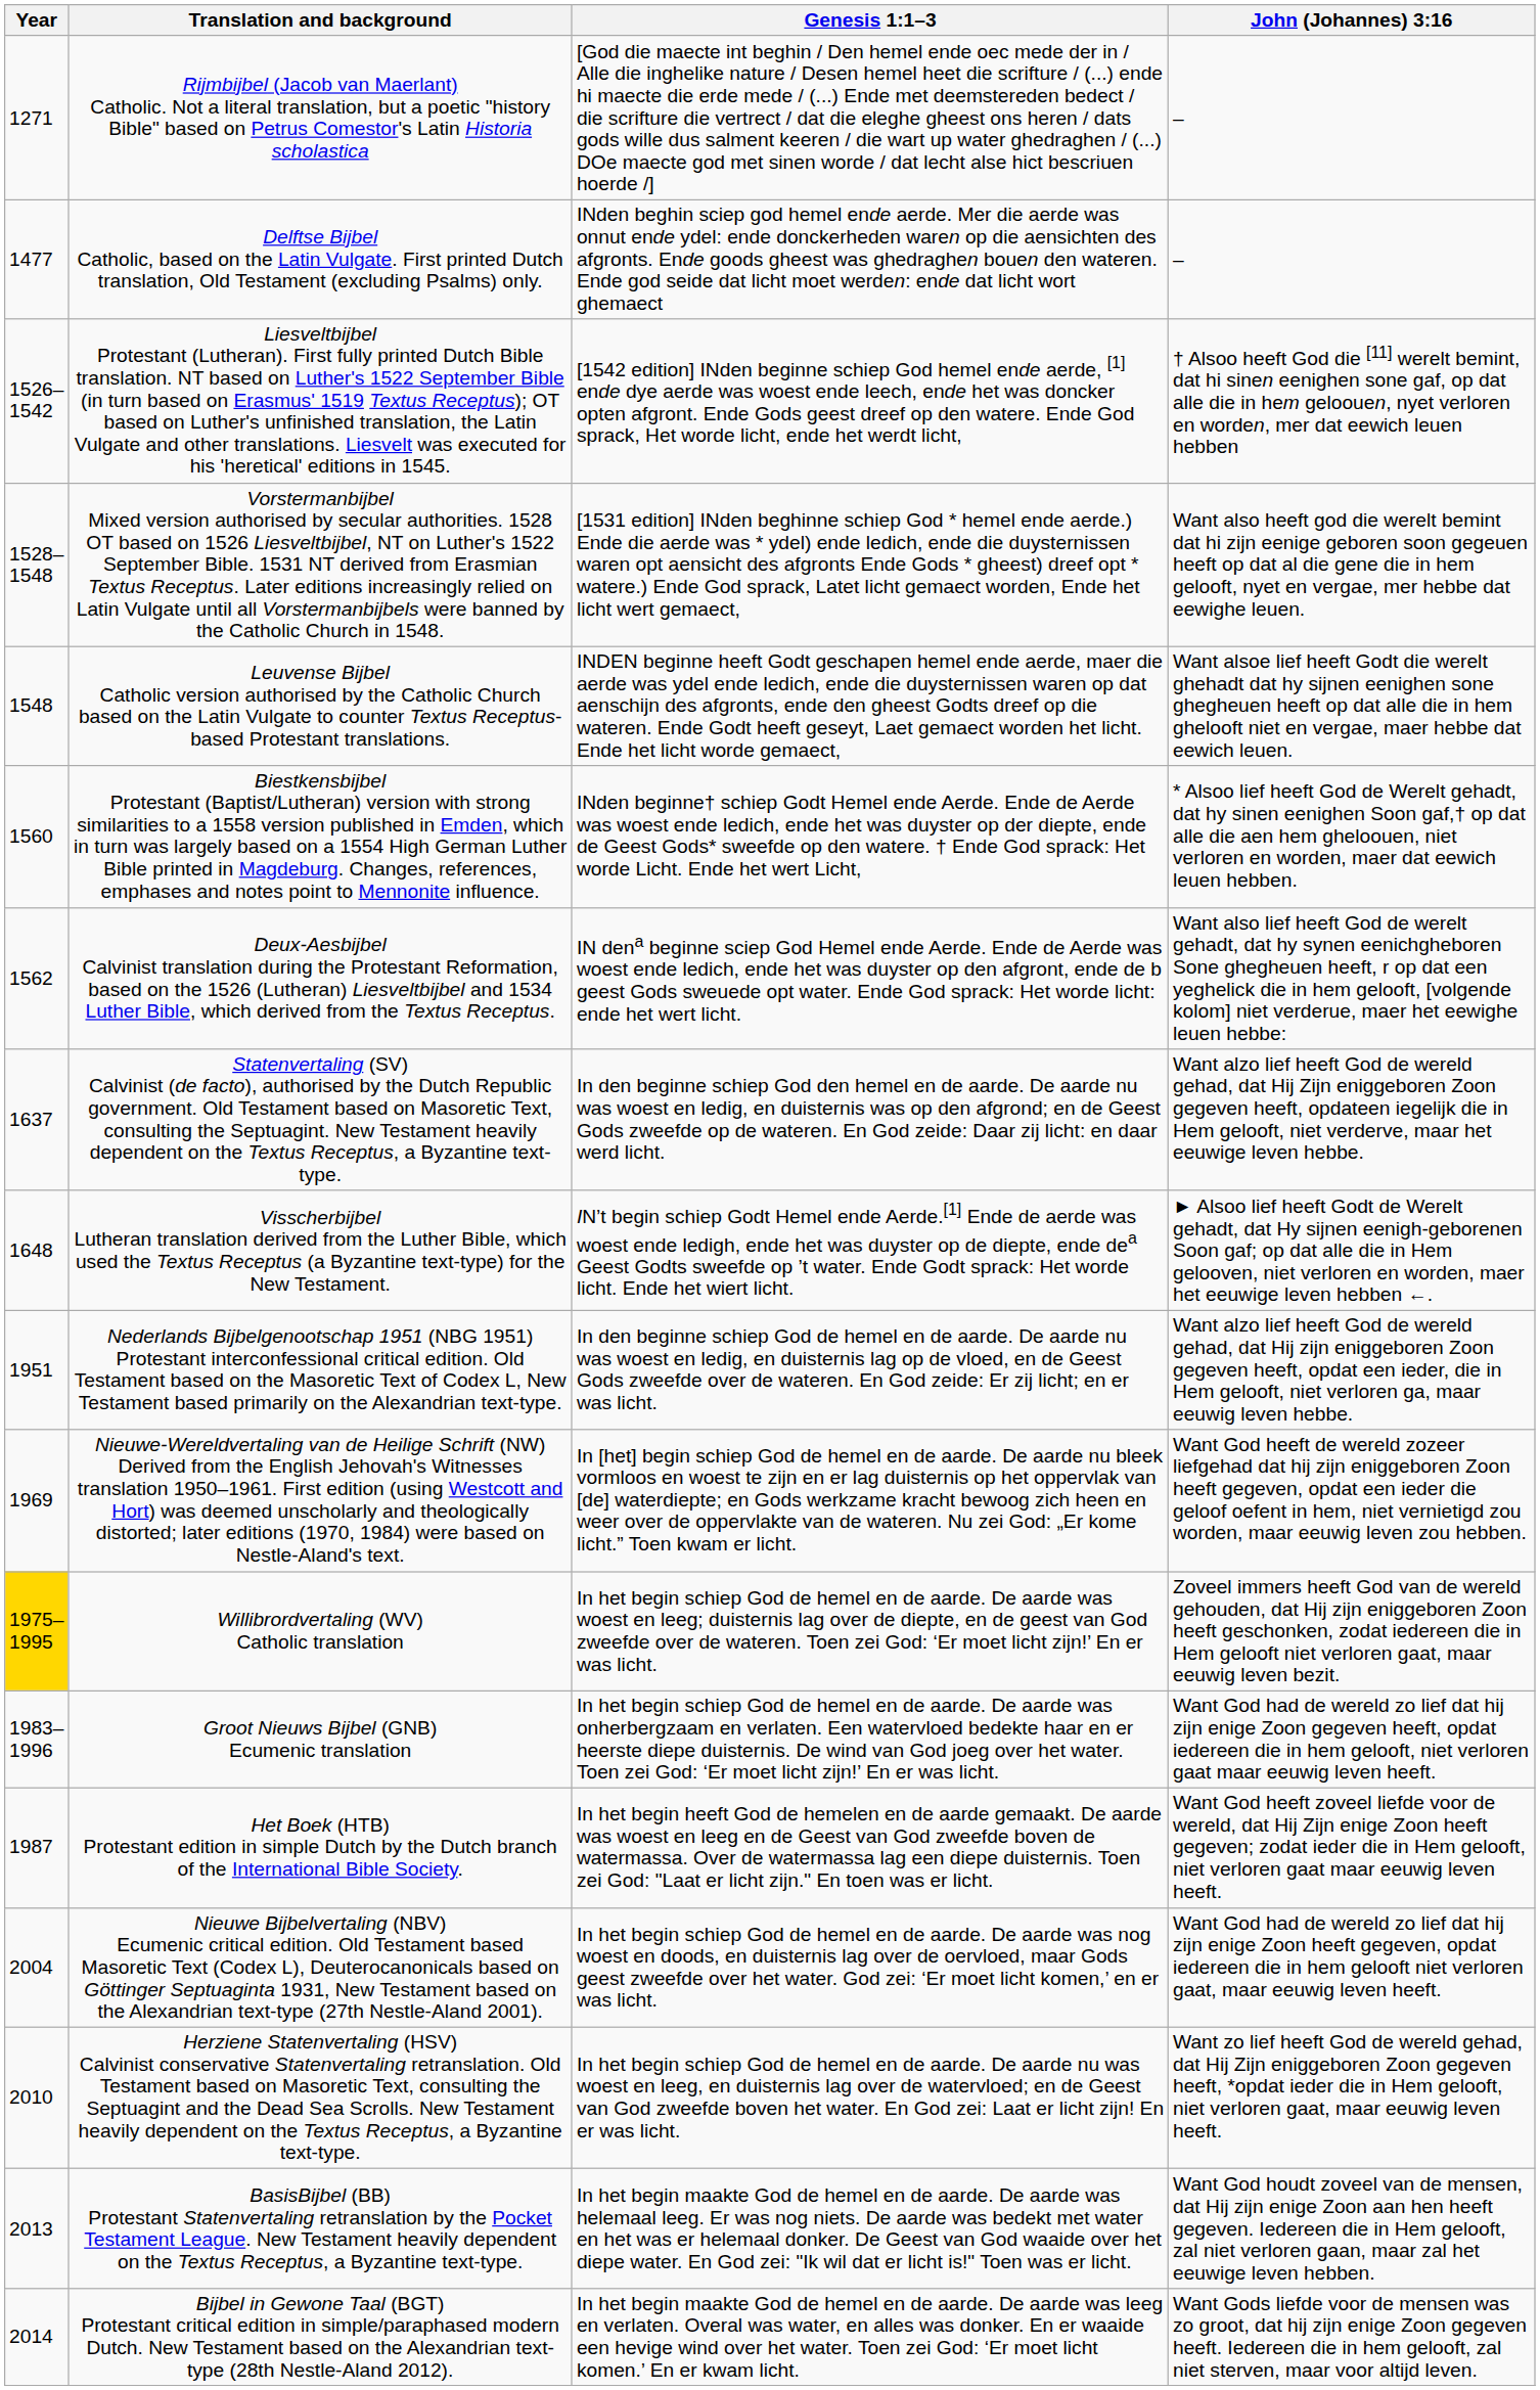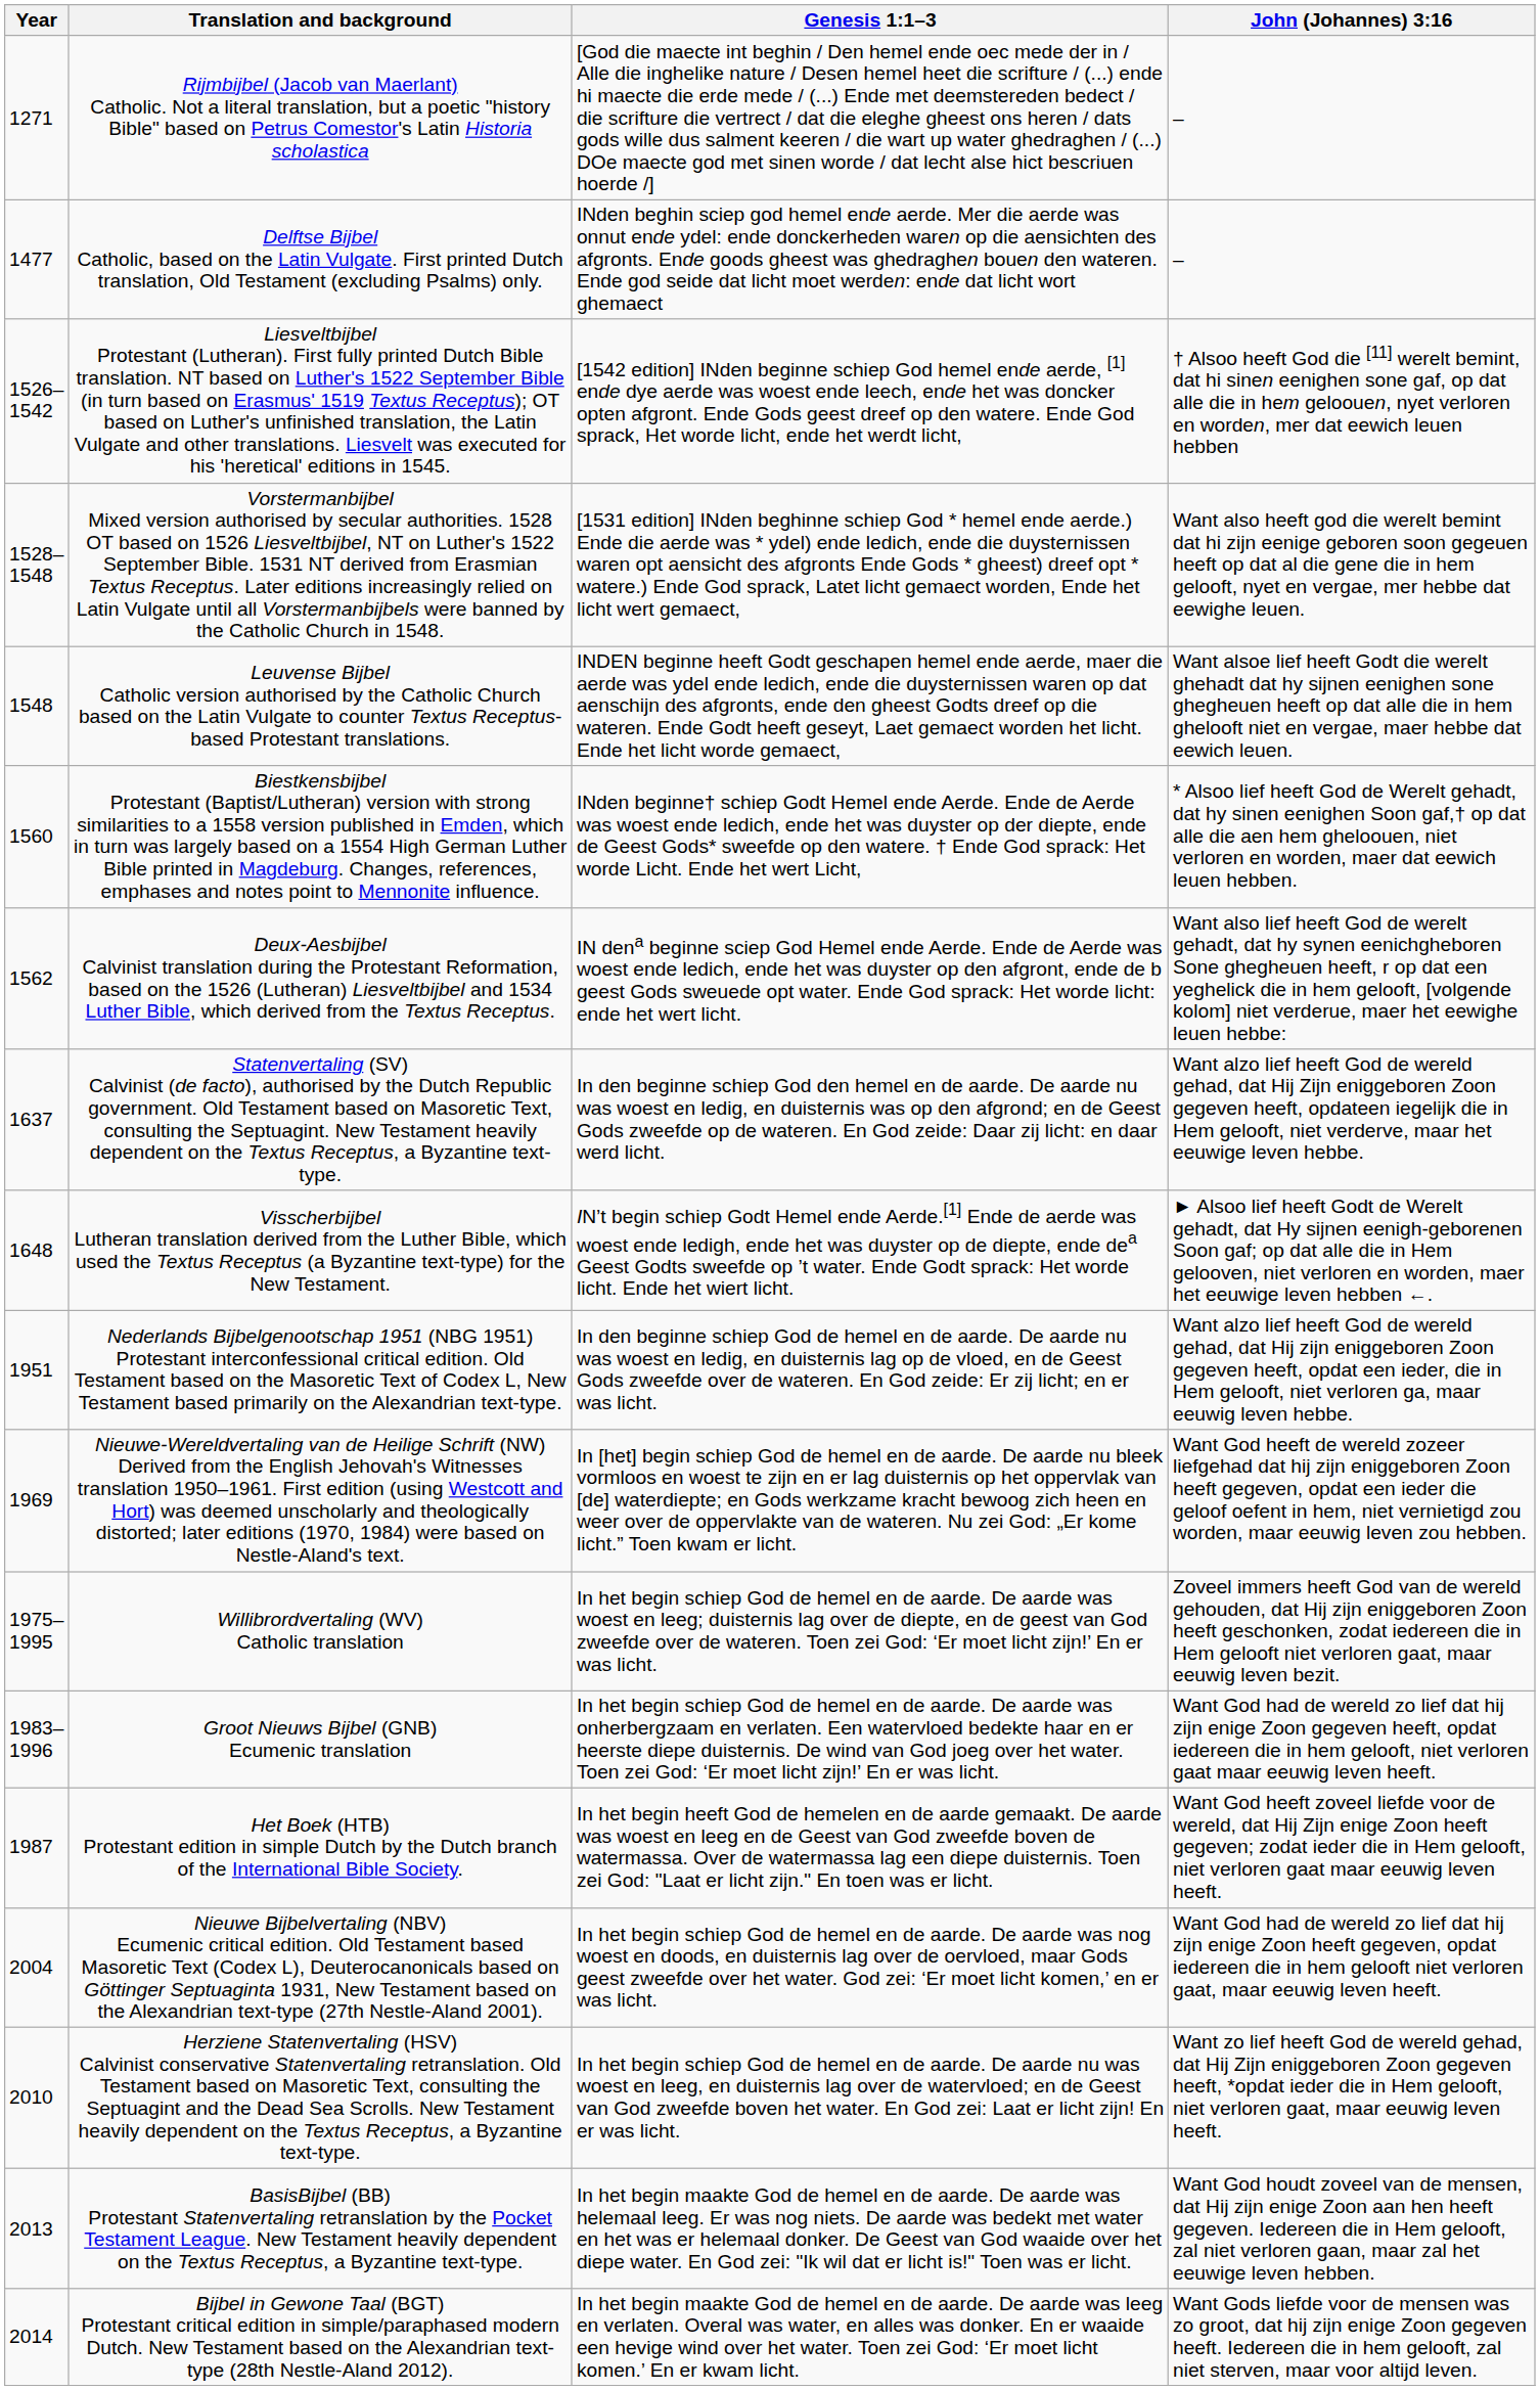 <table class="wikitable sortable">
 <tr>
 <th>Year</th>
 <th>Translation and background</th>
 <th><a href='#'>Genesis</a> 1:1–3</th>
 <th><a href='#'>John</a> (Johannes) 3:16</th>
 </tr>
 <tr>
 <td>1271</td>
 <td align="center"><a href='#'><em>Rijmbijbel</em> (Jacob van Maerlant)</a><br>Catholic. Not a literal translation, but a poetic "history Bible" based on <a href='#'>Petrus Comestor</a>'s Latin <em><a href='#'>Historia scholastica</a></em></td>
 <td>[God die maecte int beghin / Den hemel ende oec mede der in / Alle die inghelike nature / Desen hemel heet die scrifture / (...) ende hi maecte die erde mede / (...) Ende met deemstereden bedect / die scrifture die vertrect / dat die eleghe gheest ons heren / dats gods wille dus salment keeren / die wart up water ghedraghen / (...) DOe maecte god met sinen worde / dat lecht alse hict bescriuen hoerde /]</td>
 <td>–</td>
 </tr>
 <tr>
 <td>1477</td>
 <td align="center"><em><a href='#'>Delftse Bijbel</a></em><br>Catholic, based on the <a href='#'>Latin Vulgate</a>. First printed Dutch translation, Old Testament (excluding Psalms) only.</td>
 <td>INden beghin sciep god hemel en<em>de</em> aerde. Mer die aerde was onnut en<em>de</em> ydel: ende donckerheden ware<em>n</em> op die aensichten des afgronts. En<em>de</em> goods gheest was ghedraghe<em>n</em> boue<em>n</em> den wateren. Ende god seide dat licht moet werde<em>n</em>: en<em>de</em> dat licht wort ghemaect</td>
 <td>–</td>
 </tr>
 <tr>
 <td>1526–<br>1542</td>
 <td align="center"><em>Liesveltbijbel</em><br>Protestant (Lutheran). First fully printed Dutch Bible translation. NT based on <a href='#'>Luther's 1522 September Bible</a> (in turn based on <a href='#'>Erasmus' 1519</a> <em><a href='#'>Textus Receptus</a></em>); OT based on Luther's unfinished translation, the Latin Vulgate and other translations. <a href='#'>Liesvelt</a> was executed for his 'heretical' editions in 1545.</td>
 <td>[1542 edition] INden beginne schiep God hemel en<em>de</em> aerde, <sup>[1]</sup> en<em>de</em> dye aerde was woest ende leech, en<em>de</em> het was doncker opten afgront. Ende Gods geest dreef op den watere. Ende God sprack, Het worde licht, ende het werdt licht,</td>
 <td>† Alsoo heeft God die <sup>[11]</sup> werelt bemint, dat hi sine<em>n</em> eenighen sone gaf, op dat alle die in he<em>m</em> gelooue<em>n</em>, nyet verloren en worde<em>n</em>, mer dat eewich leuen hebben</td>
 </tr>
 <tr>
 <td>1528–<br>1548</td>
 <td align="center"><em>Vorstermanbijbel</em><br>Mixed version authorised by secular authorities. 1528 OT based on 1526 <em>Liesveltbijbel</em>, NT on Luther's 1522 September Bible. 1531 NT derived from Erasmian <em>Textus Receptus</em>. Later editions increasingly relied on Latin Vulgate until all <em>Vorstermanbijbels</em> were banned by the Catholic Church in 1548.</td>
 <td>[1531 edition] INden beghinne schiep God * hemel ende aerde.) Ende die aerde was * ydel) ende ledich, ende die duysternissen waren opt aensicht des afgronts Ende Gods * gheest) dreef opt * watere.) Ende God sprack, Latet licht gemaect worden, Ende het licht wert gemaect,</td>
 <td>Want also heeft god die werelt bemint dat hi zijn eenige geboren soon gegeuen heeft op dat al die gene die in hem gelooft, nyet en vergae, mer hebbe dat eewighe leuen.</td>
 </tr>
 <tr>
 <td>1548</td>
 <td align="center"><em>Leuvense Bijbel</em><br>Catholic version authorised by the Catholic Church based on the Latin Vulgate to counter <em>Textus Receptus</em>-based Protestant translations.</td>
 <td>INDEN beginne heeft Godt geschapen hemel ende aerde, maer die aerde was ydel ende ledich, ende die duysternissen waren op dat aenschijn des afgronts, ende den gheest Godts dreef op die wateren. Ende Godt heeft geseyt, Laet gemaect worden het licht. Ende het licht worde gemaect,</td>
 <td>Want alsoe lief heeft Godt die werelt ghehadt dat hy sijnen eenighen sone ghegheuen heeft op dat alle die in hem ghelooft niet en vergae, maer hebbe dat eewich leuen.</td>
 </tr>
 <tr>
 <td>1560</td>
 <td align="center"><em>Biestkensbijbel</em><br>Protestant (Baptist/Lutheran) version with strong similarities to a 1558 version published in <a href='#'>Emden</a>, which in turn was largely based on a 1554 High German Luther Bible printed in <a href='#'>Magdeburg</a>. Changes, references, emphases and notes point to <a href='#'>Mennonite</a> influence.</td>
 <td>INden beginne† schiep Godt Hemel ende Aerde. Ende de Aerde was woest ende ledich, ende het was duyster op der diepte, ende de Geest Gods* sweefde op den watere. † Ende God sprack: Het worde Licht. Ende het wert Licht,</td>
 <td>* Alsoo lief heeft God de Werelt gehadt, dat hy sinen eenighen Soon gaf,† op dat alle die aen hem gheloouen, niet verloren en worden, maer dat eewich leuen hebben.</td>
 </tr>
 <tr>
 <td>1562</td>
 <td align="center"><em>Deux-Aesbijbel</em><br>Calvinist translation during the Protestant Reformation, based on the 1526 (Lutheran) <em>Liesveltbijbel</em> and 1534 <a href='#'>Luther Bible</a>, which derived from the <em>Textus Receptus</em>.</td>
 <td>IN den<sup>a</sup> beginne sciep God Hemel ende Aerde. Ende de Aerde was woest ende ledich, ende het was duyster op den afgront, ende de b geest Gods sweuede opt water. Ende God sprack: Het worde licht: ende het wert licht.</td>
 <td>Want also lief heeft God de werelt gehadt, dat hy synen eenichgheboren Sone ghegheuen heeft, r op dat een yeghelick die in hem gelooft, [volgende kolom] niet verderue, maer het eewighe leuen hebbe:</td>
 </tr>
 <tr>
 <td>1637</td>
 <td align="center"><em><a href='#'>Statenvertaling</a></em> (SV)<br>Calvinist (<em>de facto</em>), authorised by the Dutch Republic government. Old Testament based on Masoretic Text, consulting the Septuagint. New Testament heavily dependent on the <em>Textus Receptus</em>, a Byzantine text-type.</td>
 <td>In den beginne schiep God den hemel en de aarde. De aarde nu was woest en ledig, en duisternis was op den afgrond; en de Geest Gods zweefde op de wateren. En God zeide: Daar zij licht: en daar werd licht.</td>
 <td valign="top">Want alzo lief heeft God de wereld gehad, dat Hij Zijn eniggeboren Zoon gegeven heeft, opdateen iegelijk die in Hem gelooft, niet verderve, maar het eeuwige leven hebbe.</td>
 </tr>
 <tr>
 <td>1648</td>
 <td align="center"><em>Visscherbijbel</em><br>Lutheran translation derived from the Luther Bible, which used the <em>Textus Receptus</em> (a Byzantine text-type) for the New Testament.</td>
 <td><em>I</em>N’t begin schiep Godt Hemel ende Aerde.<sup>[1]</sup> Ende de aerde was woest ende ledigh, ende het was duyster op de diepte, ende de<sup>a</sup> Geest Godts sweefde op ’t water. Ende Godt sprack: Het worde licht. Ende het wiert licht.</td>
 <td>► Alsoo lief heeft Godt de Werelt gehadt, dat Hy sijnen eenigh-geborenen Soon gaf; op dat alle die in Hem gelooven, niet verloren en worden, maer het eeuwige leven hebben ←.</td>
 </tr>
 <tr>
 <td>1951</td>
 <td align="center"><em>Nederlands Bijbelgenootschap 1951</em> (NBG 1951)<br>Protestant interconfessional critical edition. Old Testament based on the Masoretic Text of Codex L, New Testament based primarily on the Alexandrian text-type.</td>
 <td>In den beginne schiep God de hemel en de aarde. De aarde nu was woest en ledig, en duisternis lag op de vloed, en de Geest Gods zweefde over de wateren. En God zeide: Er zij licht; en er was licht.</td>
 <td valign="top">Want alzo lief heeft God de wereld gehad, dat Hij zijn eniggeboren Zoon gegeven heeft, opdat een ieder, die in Hem gelooft, niet verloren ga, maar eeuwig leven hebbe.</td>
 </tr>
 <tr>
 <td>1969</td>
 <td align="center"><em>Nieuwe-Wereldvertaling van de Heilige Schrift</em> (NW)<br>Derived from the English Jehovah's Witnesses translation 1950–1961. First edition (using <a href='#'>Westcott and Hort</a>) was deemed unscholarly and theologically distorted; later editions (1970, 1984) were based on Nestle-Aland's text.</td>
 <td>In [het] begin schiep God de hemel en de aarde. De aarde nu bleek vormloos en woest te zijn en er lag duisternis op het oppervlak van [de] waterdiepte; en Gods werkzame kracht bewoog zich heen en weer over de oppervlakte van de wateren. Nu zei God: „Er kome licht.” Toen kwam er licht.</td>
 <td valign="top">Want God heeft de wereld zozeer liefgehad dat hij zijn eniggeboren Zoon heeft gegeven, opdat een ieder die geloof oefent in hem, niet vernietigd zou worden, maar eeuwig leven zou hebben.</td>
 </tr>
 <tr>
-<td style="background: gold;">1975–<br>1995</td>
+<td>1975–<br>1995</td>
 <td align="center"><em>Willibrordvertaling</em> (WV)<br>Catholic translation</td>
 <td>In het begin schiep God de hemel en de aarde. De aarde was woest en leeg; duisternis lag over de diepte, en de geest van God zweefde over de wateren. Toen zei God: ‘Er moet licht zijn!’ En er was licht.</td>
 <td valign="top">Zoveel immers heeft God van de wereld gehouden, dat Hij zijn eniggeboren Zoon heeft geschonken, zodat iedereen die in Hem gelooft niet verloren gaat, maar eeuwig leven bezit.</td>
 </tr>
 <tr>
 <td>1983–<br>1996</td>
 <td align="center"><em>Groot Nieuws Bijbel</em> (GNB)<br>Ecumenic translation</td>
 <td>In het begin schiep God de hemel en de aarde. De aarde was onherbergzaam en verlaten. Een watervloed bedekte haar en er heerste diepe duisternis. De wind van God joeg over het water. Toen zei God: ‘Er moet licht zijn!’ En er was licht.</td>
 <td valign="top">Want God had de wereld zo lief dat hij zijn enige Zoon gegeven heeft, opdat iedereen die in hem gelooft, niet verloren gaat maar eeuwig leven heeft.</td>
 </tr>
 <tr>
 <td>1987</td>
 <td align="center"><em>Het Boek</em> (HTB)<br>Protestant edition in simple Dutch by the Dutch branch of the <a href='#'>International Bible Society</a>.</td>
 <td>In het begin heeft God de hemelen en de aarde gemaakt. De aarde was woest en leeg en de Geest van God zweefde boven de watermassa. Over de watermassa lag een diepe duisternis. Toen zei God: "Laat er licht zijn." En toen was er licht.</td>
 <td valign="top">Want God heeft zoveel liefde voor de wereld, dat Hij Zijn enige Zoon heeft gegeven; zodat ieder die in Hem gelooft, niet verloren gaat maar eeuwig leven heeft.</td>
 </tr>
 <tr>
 <td>2004</td>
 <td align="center"><em>Nieuwe Bijbelvertaling</em> (NBV)<br>Ecumenic critical edition. Old Testament based Masoretic Text (Codex L), Deuterocanonicals based on <em>Göttinger Septuaginta</em> 1931, New Testament based on the Alexandrian text-type (27th Nestle-Aland 2001).</td>
 <td>In het begin schiep God de hemel en de aarde. De aarde was nog woest en doods, en duisternis lag over de oervloed, maar Gods geest zweefde over het water. God zei: ‘Er moet licht komen,’ en er was licht.</td>
 <td valign="top">Want God had de wereld zo lief dat hij zijn enige Zoon heeft gegeven, opdat iedereen die in hem gelooft niet verloren gaat, maar eeuwig leven heeft.</td>
 </tr>
 <tr>
 <td>2010</td>
 <td align="center"><em>Herziene Statenvertaling</em> (HSV)<br>Calvinist conservative <em>Statenvertaling</em> retranslation. Old Testament based on Masoretic Text, consulting the Septuagint and the Dead Sea Scrolls. New Testament heavily dependent on the <em>Textus Receptus</em>, a Byzantine text-type.</td>
 <td>In het begin schiep God de hemel en de aarde. De aarde nu was woest en leeg, en duisternis lag over de watervloed; en de Geest van God zweefde boven het water. En God zei: Laat er licht zijn! En er was licht.</td>
 <td valign="top">Want zo lief heeft God de wereld gehad, dat Hij Zijn eniggeboren Zoon gegeven heeft, *opdat ieder die in Hem gelooft, niet verloren gaat, maar eeuwig leven heeft.</td>
 </tr>
 <tr>
 <td>2013</td>
 <td align="center"><em>BasisBijbel</em> (BB)<br>Protestant <em>Statenvertaling</em> retranslation by the <a href='#'>Pocket Testament League</a>. New Testament heavily dependent on the <em>Textus Receptus</em>, a Byzantine text-type.</td>
 <td>In het begin maakte God de hemel en de aarde. De aarde was helemaal leeg. Er was nog niets. De aarde was bedekt met water en het was er helemaal donker. De Geest van God waaide over het diepe water. En God zei: "Ik wil dat er licht is!" Toen was er licht.</td>
 <td valign="top">Want God houdt zoveel van de mensen, dat Hij zijn enige Zoon aan hen heeft gegeven. Iedereen die in Hem gelooft, zal niet verloren gaan, maar zal het eeuwige leven hebben.</td>
 </tr>
 <tr>
 <td>2014</td>
 <td align="center"><em>Bijbel in Gewone Taal</em> (BGT)<br>Protestant critical edition in simple/paraphased modern Dutch. New Testament based on the Alexandrian text-type (28th Nestle-Aland 2012).</td>
 <td>In het begin maakte God de hemel en de aarde. De aarde was leeg en verlaten. Overal was water, en alles was donker. En er waaide een hevige wind over het water. Toen zei God: ‘Er moet licht komen.’ En er kwam licht.</td>
 <td valign="top">Want Gods liefde voor de mensen was zo groot, dat hij zijn enige Zoon gegeven heeft. Iedereen die in hem gelooft, zal niet sterven, maar voor altijd leven.</td>
 </tr>
 <tr>
 </tr>
 </table>
